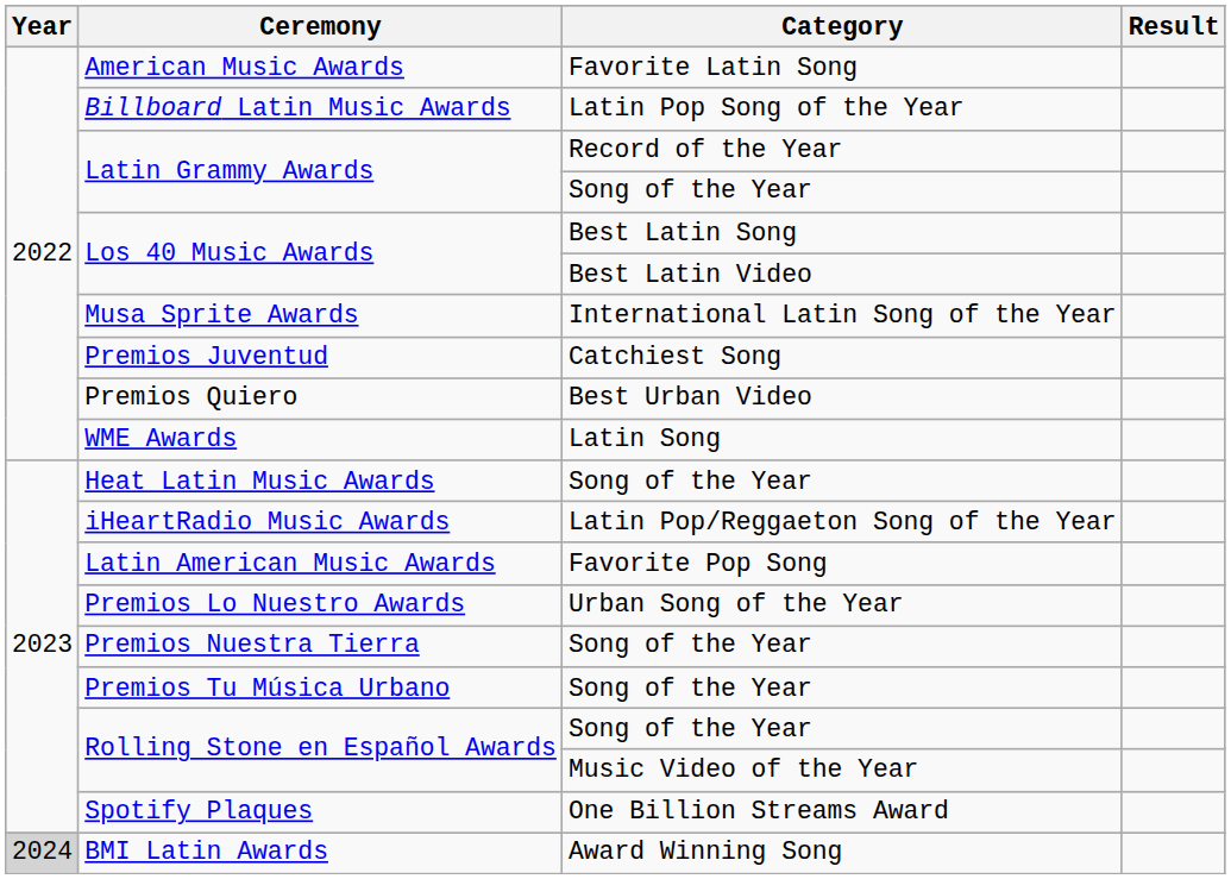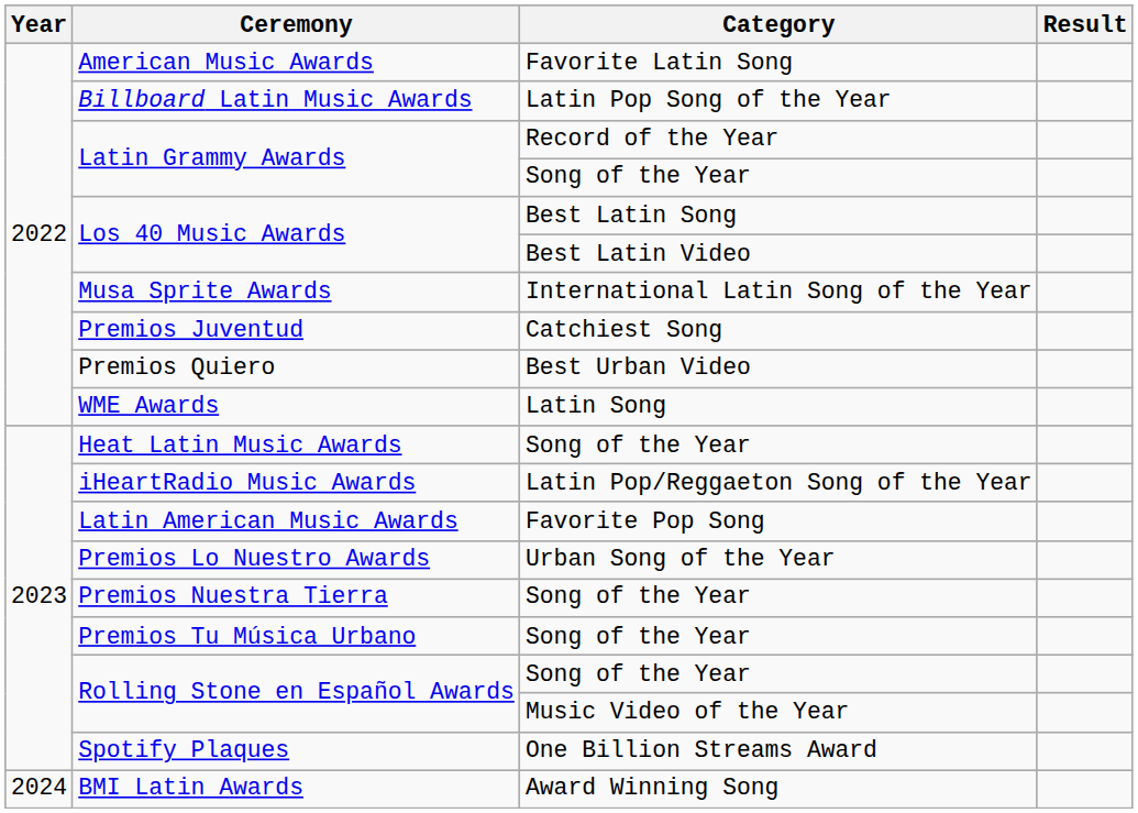 <table class="wikitable plainrowheaders">
 <tr>
 <th scope="col">Year</th>
 <th scope="col">Ceremony</th>
 <th scope="col">Category</th>
 <th scope="col">Result</th>
 </tr>
 <tr>
 <td rowspan="10">2022</td>
 <td><a href='#'>American Music Awards</a></td>
 <td>Favorite Latin Song</td>
 <td></td>
 </tr>
 <tr>
 <td><a href='#'><em>Billboard</em> Latin Music Awards</a></td>
 <td>Latin Pop Song of the Year</td>
 <td></td>
 </tr>
 <tr>
 <td rowspan="2"><a href='#'>Latin Grammy Awards</a></td>
 <td>Record of the Year</td>
 <td></td>
 </tr>
 <tr>
 <td>Song of the Year</td>
 <td></td>
 </tr>
 <tr>
 <td rowspan="2"><a href='#'>Los 40 Music Awards</a></td>
 <td>Best Latin Song</td>
 <td></td>
 </tr>
 <tr>
 <td>Best Latin Video</td>
 <td></td>
 </tr>
 <tr>
 <td><a href='#'>Musa Sprite Awards</a></td>
 <td>International Latin Song of the Year</td>
 <td></td>
 </tr>
 <tr>
 <td><a href='#'>Premios Juventud</a></td>
 <td>Catchiest Song</td>
 <td></td>
 </tr>
 <tr>
 <td>Premios Quiero</td>
 <td>Best Urban Video</td>
 <td></td>
 </tr>
 <tr>
 <td><a href='#'>WME Awards</a></td>
 <td>Latin Song</td>
 <td></td>
 </tr>
 <tr>
 <td rowspan="9">2023</td>
 <td><a href='#'>Heat Latin Music Awards</a></td>
 <td>Song of the Year</td>
 <td></td>
 </tr>
 <tr>
 <td><a href='#'>iHeartRadio Music Awards</a></td>
 <td>Latin Pop/Reggaeton Song of the Year</td>
 <td></td>
 </tr>
 <tr>
 <td><a href='#'>Latin American Music Awards</a></td>
 <td>Favorite Pop Song</td>
 <td></td>
 </tr>
 <tr>
 <td><a href='#'>Premios Lo Nuestro Awards</a></td>
 <td>Urban Song of the Year</td>
 <td></td>
 </tr>
 <tr>
 <td><a href='#'>Premios Nuestra Tierra</a></td>
 <td>Song of the Year</td>
 <td></td>
 </tr>
 <tr>
 <td><a href='#'>Premios Tu Música Urbano</a></td>
 <td>Song of the Year</td>
 <td></td>
 </tr>
 <tr>
 <td rowspan="2"><a href='#'>Rolling Stone en Español Awards</a></td>
 <td>Song of the Year</td>
 <td></td>
 </tr>
 <tr>
 <td>Music Video of the Year</td>
 <td></td>
 </tr>
 <tr>
 <td><a href='#'>Spotify Plaques</a></td>
 <td>One Billion Streams Award</td>
 <td></td>
 </tr>
 <tr>
-<td rowspan="1" style="background: lightgrey;">2024</td>
+<td rowspan="1">2024</td>
 <td><a href='#'>BMI Latin Awards</a></td>
 <td>Award Winning Song</td>
 <td></td>
 </tr>
 </table>
